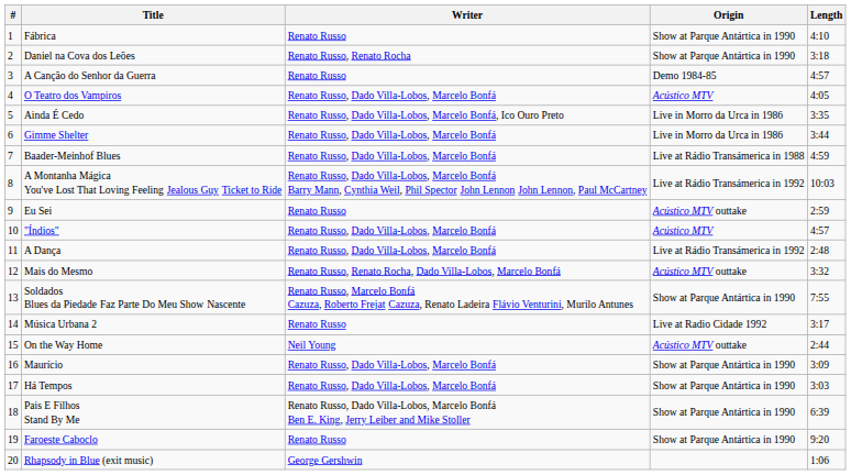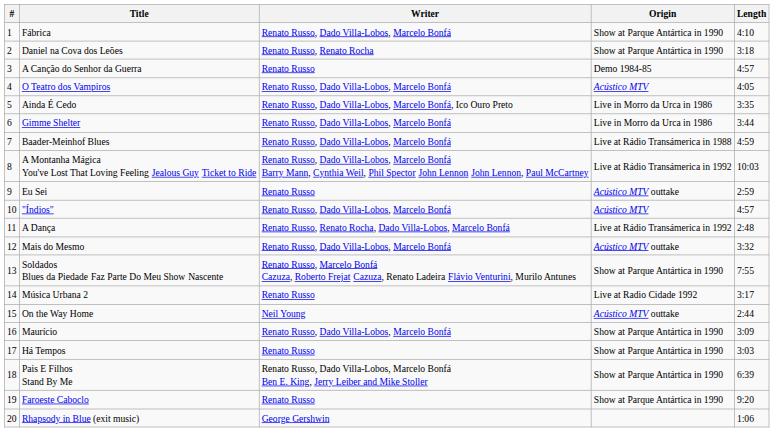 <table class="wikitable sortable">
 <tr>
 <th><small>#</small></th>
 <th><small>Title</small></th>
 <th><small>Writer</small></th>
 <th><small>Origin</small></th>
 <th><small>Length</small></th>
 </tr>
 <tr>
 <td><small>1</small></td>
 <td><small>Fábrica</small></td>
-<td><a href='#'><small>Renato Russo</small></a></td>
+<td><small><a href='#'>Renato Russo</a>, <a href='#'>Dado Villa-Lobos</a>, <a href='#'>Marcelo Bonfá</a></small></td>
 <td><small>Show at Parque Antártica in 1990</small></td>
 <td><small>4:10</small></td>
 </tr>
 <tr>
 <td><small>2</small></td>
 <td><small>Daniel na Cova dos Leões</small></td>
 <td><small><a href='#'>Renato Russo</a>, <a href='#'>Renato Rocha</a></small></td>
 <td><small>Show at Parque Antártica in 1990</small></td>
 <td><small>3:18</small></td>
 </tr>
 <tr>
 <td><small>3</small></td>
 <td><small>A Canção do Senhor da Guerra</small></td>
 <td><a href='#'><small>Renato Russo</small></a></td>
 <td><small>Demo 1984-85</small></td>
 <td><small>4:57</small></td>
 </tr>
 <tr>
 <td><small>4</small></td>
 <td><small><a href='#'>O Teatro dos Vampiros</a></small></td>
 <td><small><a href='#'>Renato Russo</a>, <a href='#'>Dado Villa-Lobos</a>, <a href='#'>Marcelo Bonfá</a></small></td>
 <td><em><a href='#'><small>Acústico MTV</small></a></em></td>
 <td><small>4:05</small></td>
 </tr>
 <tr>
 <td><small>5</small></td>
 <td><small>Ainda É Cedo</small></td>
 <td><small><a href='#'>Renato Russo</a>, <a href='#'>Dado Villa-Lobos</a>, <a href='#'>Marcelo Bonfá</a>, Ico Ouro Preto</small></td>
 <td><small>Live in Morro da Urca in 1986</small></td>
 <td><small>3:35</small></td>
 </tr>
 <tr>
 <td><small>6</small></td>
 <td><a href='#'><small>Gimme Shelter</small></a></td>
 <td><small><a href='#'>Renato Russo</a>, <a href='#'>Dado Villa-Lobos</a>, <a href='#'>Marcelo Bonfá</a></small></td>
 <td><small>Live in Morro da Urca in 1986</small></td>
 <td><small>3:44</small></td>
 </tr>
 <tr>
 <td><small>7</small></td>
 <td><small>Baader-Meinhof Blues</small></td>
 <td><small><a href='#'>Renato Russo</a>, <a href='#'>Dado Villa-Lobos</a>, <a href='#'>Marcelo Bonfá</a></small></td>
 <td><small>Live at Rádio Transámerica in 1988</small></td>
 <td><small>4:59</small></td>
 </tr>
 <tr>
 <td><small>8</small></td>
 <td><small>A Montanha Mágica</small><br><small>You've Lost That Loving Feeling</small> <a href='#'><small>Jealous Guy</small></a> <a href='#'><small>Ticket to Ride</small></a></td>
 <td><small><a href='#'>Renato Russo</a>, <a href='#'>Dado Villa-Lobos</a>, <a href='#'>Marcelo Bonfá</a></small><br><small><a href='#'>Barry Mann</a>, <a href='#'>Cynthia Weil</a>, <a href='#'>Phil Spector</a></small> <small><a href='#'>John Lennon</a></small> <small><a href='#'>John Lennon</a>, <a href='#'>Paul McCartney</a></small></td>
 <td><small>Live at Rádio Transámerica in 1992</small></td>
 <td><small>10:03</small></td>
 </tr>
 <tr>
 <td><small>9</small></td>
 <td><small>Eu Sei</small></td>
 <td><a href='#'><small>Renato Russo</small></a></td>
 <td><small><em><a href='#'>Acústico MTV</a></em> outtake</small></td>
 <td><small>2:59</small></td>
 </tr>
 <tr>
 <td><small>10</small></td>
 <td><small><a href='#'>"Índios"</a></small></td>
 <td><small><a href='#'>Renato Russo</a>, <a href='#'>Dado Villa-Lobos</a>, <a href='#'>Marcelo Bonfá</a></small></td>
 <td><em><a href='#'><small>Acústico MTV</small></a></em></td>
 <td><small>4:57</small></td>
 </tr>
 <tr>
 <td><small>11</small></td>
 <td><small>A Dança</small></td>
-<td><small><a href='#'>Renato Russo</a>, <a href='#'>Dado Villa-Lobos</a>, <a href='#'>Marcelo Bonfá</a></small></td>
+<td><small><a href='#'>Renato Russo</a>, <a href='#'>Renato Rocha</a>, <a href='#'>Dado Villa-Lobos</a>, <a href='#'>Marcelo Bonfá</a></small></td>
 <td><small>Live at Rádio Transámerica in 1992</small></td>
 <td><small>2:48</small></td>
 </tr>
 <tr>
 <td><small>12</small></td>
 <td><small>Mais do Mesmo</small></td>
-<td><small><a href='#'>Renato Russo</a>, <a href='#'>Renato Rocha</a>, <a href='#'>Dado Villa-Lobos</a>, <a href='#'>Marcelo Bonfá</a></small></td>
+<td><small><a href='#'>Renato Russo</a>, <a href='#'>Dado Villa-Lobos</a>, <a href='#'>Marcelo Bonfá</a></small></td>
 <td><small><em><a href='#'>Acústico MTV</a></em> outtake</small></td>
 <td><small>3:32</small></td>
 </tr>
 <tr>
 <td><small>13</small></td>
 <td><small>Soldados</small><br><small>Blues da Piedade</small> <small>Faz Parte Do Meu Show</small> <small>Nascente</small></td>
 <td><small><a href='#'>Renato Russo</a>, <a href='#'>Marcelo Bonfá</a></small><br><small><a href='#'>Cazuza</a>, <a href='#'>Roberto Frejat</a></small> <small><a href='#'>Cazuza</a>, Renato Ladeira</small> <small><a href='#'>Flávio Venturini</a>, Murilo Antunes</small></td>
 <td><small>Show at Parque Antártica in 1990</small></td>
 <td><small>7:55</small></td>
 </tr>
 <tr>
 <td><small>14</small></td>
 <td><small>Música Urbana 2</small></td>
 <td><a href='#'><small>Renato Russo</small></a></td>
 <td><small>Live at Radio Cidade 1992</small></td>
 <td><small>3:17</small></td>
 </tr>
 <tr>
 <td><small>15</small></td>
 <td><small>On the Way Home</small></td>
 <td><a href='#'><small>Neil Young</small></a></td>
 <td><small><em><a href='#'>Acústico MTV</a></em> outtake</small></td>
 <td><small>2:44</small></td>
 </tr>
 <tr>
 <td><small>16</small></td>
 <td><small>Maurício</small></td>
 <td><small><a href='#'>Renato Russo</a>, <a href='#'>Dado Villa-Lobos</a>, <a href='#'>Marcelo Bonfá</a></small></td>
 <td><small>Show at Parque Antártica in 1990</small></td>
 <td><small>3:09</small></td>
 </tr>
 <tr>
 <td><small>17</small></td>
 <td><small>Há Tempos</small></td>
-<td><small><a href='#'>Renato Russo</a>, <a href='#'>Dado Villa-Lobos</a>, <a href='#'>Marcelo Bonfá</a></small></td>
+<td><a href='#'><small>Renato Russo</small></a></td>
 <td><small>Show at Parque Antártica in 1990</small></td>
 <td><small>3:03</small></td>
 </tr>
 <tr>
 <td><small>18</small></td>
 <td><small>Pais E Filhos</small><br><small>Stand By Me</small></td>
 <td><small>Renato Russo, Dado Villa-Lobos, Marcelo Bonfá</small><br><small><a href='#'>Ben E. King</a>, <a href='#'>Jerry Leiber and Mike Stoller</a></small></td>
 <td><small>Show at Parque Antártica in 1990</small></td>
 <td><small>6:39</small></td>
 </tr>
 <tr>
 <td><small>19</small></td>
 <td><a href='#'><small>Faroeste Caboclo</small></a></td>
 <td><a href='#'><small>Renato Russo</small></a></td>
 <td><small>Show at Parque Antártica in 1990</small></td>
 <td><small>9:20</small></td>
 </tr>
 <tr>
 <td><small>20</small></td>
 <td><small><a href='#'>Rhapsody in Blue</a> (exit music)</small></td>
 <td><a href='#'><small>George Gershwin</small></a></td>
 <td></td>
 <td><small>1:06</small></td>
 </tr>
 </table>
